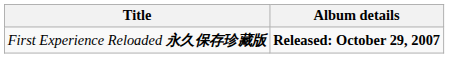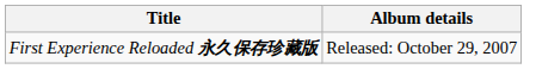 <table class="wikitable">
 <tr>
 <th>Title</th>
 <th>Album details</th>
 </tr>
 <tr>
 <td><em>First Experience Reloaded<strong><em> <strong>永久保存珍藏版</td>
-<td><strong>Released: October 29, 2007</strong></td>
+<td>Released: October 29, 2007</td>
 </tr>
 </table>
